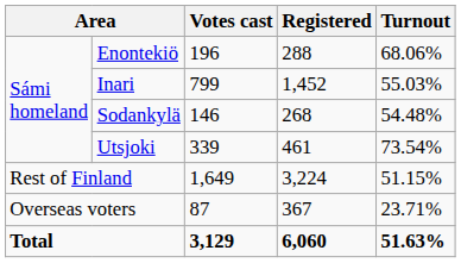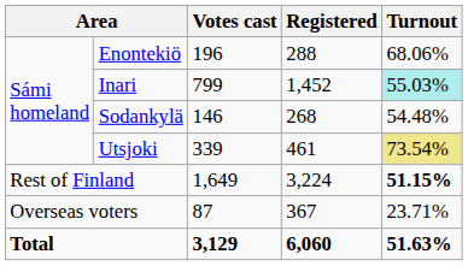 <table class="wikitable sortable">
 <tr>
 <th colspan="2">Area</th>
 <th>Votes cast</th>
 <th>Registered</th>
 <th>Turnout</th>
 </tr>
 <tr>
 <td rowspan="4"><a href='#'>Sámi<br>homeland</a></td>
 <td><a href='#'>Enontekiö</a></td>
 <td>196</td>
 <td>288</td>
 <td>68.06%</td>
 </tr>
 <tr>
 <td><a href='#'>Inari</a></td>
 <td>799</td>
 <td>1,452</td>
-<td>55.03%</td>
+<td style="background: paleturquoise;">55.03%</td>
 </tr>
 <tr>
 <td><a href='#'>Sodankylä</a></td>
 <td>146</td>
 <td>268</td>
 <td>54.48%</td>
 </tr>
 <tr>
 <td><a href='#'>Utsjoki</a></td>
 <td>339</td>
 <td>461</td>
-<td>73.54%</td>
+<td style="background: khaki;">73.54%</td>
 </tr>
 <tr>
 <td colspan="2">Rest of <a href='#'>Finland</a></td>
 <td>1,649</td>
 <td>3,224</td>
-<td>51.15%</td>
+<td><strong>51.15%</strong></td>
 </tr>
 <tr>
 <td colspan="2">Overseas voters</td>
 <td>87</td>
 <td>367</td>
 <td>23.71%</td>
 </tr>
 <tr>
 <td colspan="2"><strong>Total</strong></td>
 <td><strong>3,129</strong></td>
 <td><strong>6,060</strong></td>
 <td><strong>51.63%</strong></td>
 </tr>
 </table>
